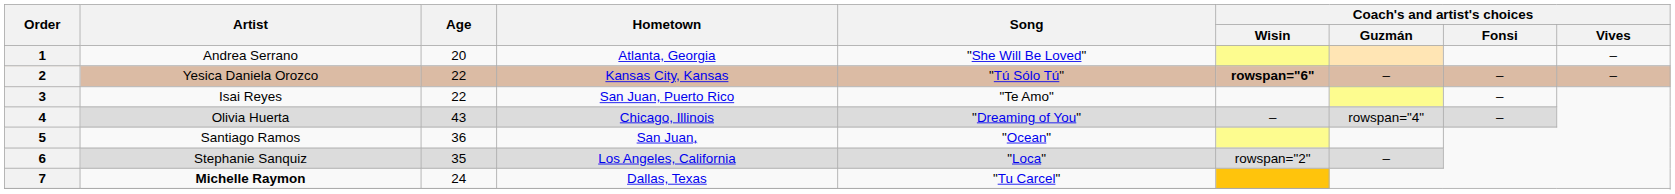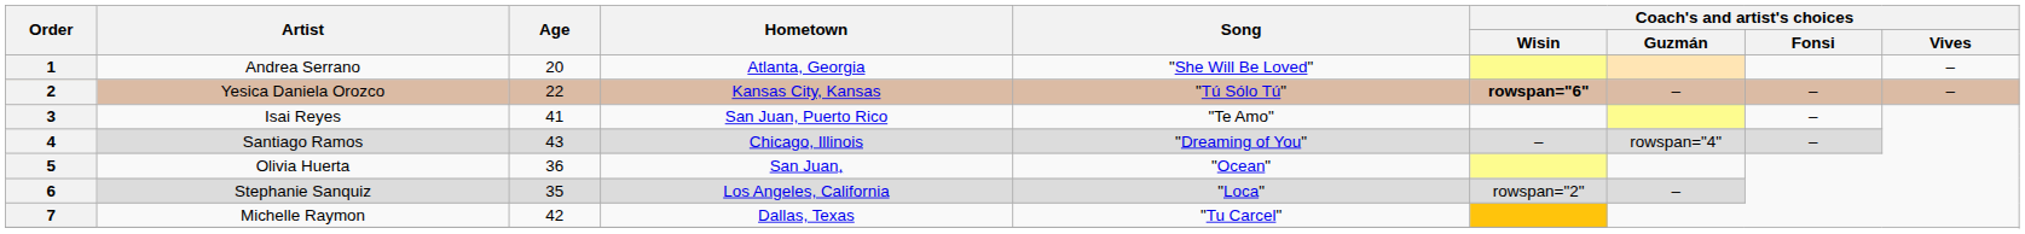 <table class="wikitable" style="text-align:center; line-height:17px; width:100%;">
 <tr>
 <th scope="col" rowspan="2" style="width:04%;">Order</th>
 <th scope="col" rowspan="2" style="width:18%;">Artist</th>
 <th scope="col" rowspan="2" style="width:04%;">Age</th>
 <th scope="col" rowspan="2" style="width:18%;">Hometown</th>
 <th scope="col" rowspan="2" style="width:20%;">Song</th>
 <th scope="col" colspan="4" style="width:24%;">Coach's and artist's choices</th>
 </tr>
 <tr>
 <th style="width:06%;">Wisin</th>
 <th style="width:06%;">Guzmán</th>
 <th style="width:06%;">Fonsi</th>
 <th style="width:06%;">Vives</th>
 </tr>
 <tr>
 <th>1</th>
 <td>Andrea Serrano</td>
 <td>20</td>
 <td><a href='#'>Atlanta, Georgia</a></td>
 <td>"<a href='#'>She Will Be Loved</a>"</td>
 <td style="background:#fdfc8f;"><strong></strong></td>
 <td style="background-color:#ffe5b4;"><strong></strong></td>
 <td><strong></strong></td>
 <td>–</td>
 </tr>
 <tr style="background:#dbbba4;">
 <th>2</th>
 <td>Yesica Daniela Orozco</td>
 <td>22</td>
 <td><a href='#'>Kansas City, Kansas</a></td>
 <td>"<a href='#'>Tú Sólo Tú</a>"</td>
 <td><strong>rowspan="6" </strong></td>
 <td>–</td>
 <td>–</td>
 <td>–</td>
 </tr>
 <tr>
 <th>3</th>
 <td>Isai Reyes</td>
-<td>22</td>
+<td>41</td>
 <td><a href='#'>San Juan, Puerto Rico</a></td>
 <td>"Te Amo"</td>
 <td><strong></strong></td>
 <td style="background:#fdfc8f;"><strong></strong></td>
 <td>–</td>
 </tr>
 <tr style="background:#dcdcdc;">
 <th>4</th>
-<td>Olivia Huerta</td>
+<td>Santiago Ramos</td>
 <td>43</td>
 <td><a href='#'>Chicago, Illinois</a></td>
 <td>"<a href='#'>Dreaming of You</a>"</td>
 <td>–</td>
 <td>rowspan="4" </td>
 <td>–</td>
 </tr>
 <tr>
 <th>5</th>
-<td>Santiago Ramos</td>
+<td>Olivia Huerta</td>
 <td>36</td>
 <td><a href='#'>San Juan, </a></td>
 <td>"<a href='#'>Ocean</a>"</td>
 <td style="background:#fdfc8f;"><strong></strong></td>
 <td><strong></strong></td>
 </tr>
 <tr style="background:#dcdcdc;">
 <th>6</th>
 <td>Stephanie Sanquiz</td>
 <td>35</td>
 <td><a href='#'>Los Angeles, California</a></td>
 <td>"<a href='#'>Loca</a>"</td>
 <td>rowspan="2" </td>
 <td>–</td>
 </tr>
 <tr>
 <th>7</th>
-<td><strong>Michelle Raymon</strong></td>
-<td>24</td>
+<td>Michelle Raymon</td>
+<td>42</td>
 <td><a href='#'>Dallas, Texas</a></td>
 <td>"<a href='#'>Tu Carcel</a>"</td>
 <td style="background:#ffc40c;"><strong></strong></td>
 </tr>
 <tr>
 </tr>
 </table>
